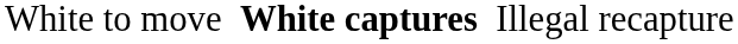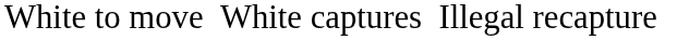 <table border="0" cellspacing="0" cellpadding="0">
 <tr valign="top">
 <td><br></td>
 <td>  </td>
 <td><br></td>
 <td>  </td>
 <td><br></td>
 </tr>
 <tr valign="top">
 <td>White to move</td>
 <td>  </td>
-<td><strong>White captures</strong></td>
+<td>White captures</td>
 <td>  </td>
 <td>Illegal recapture</td>
 </tr>
 </table>
